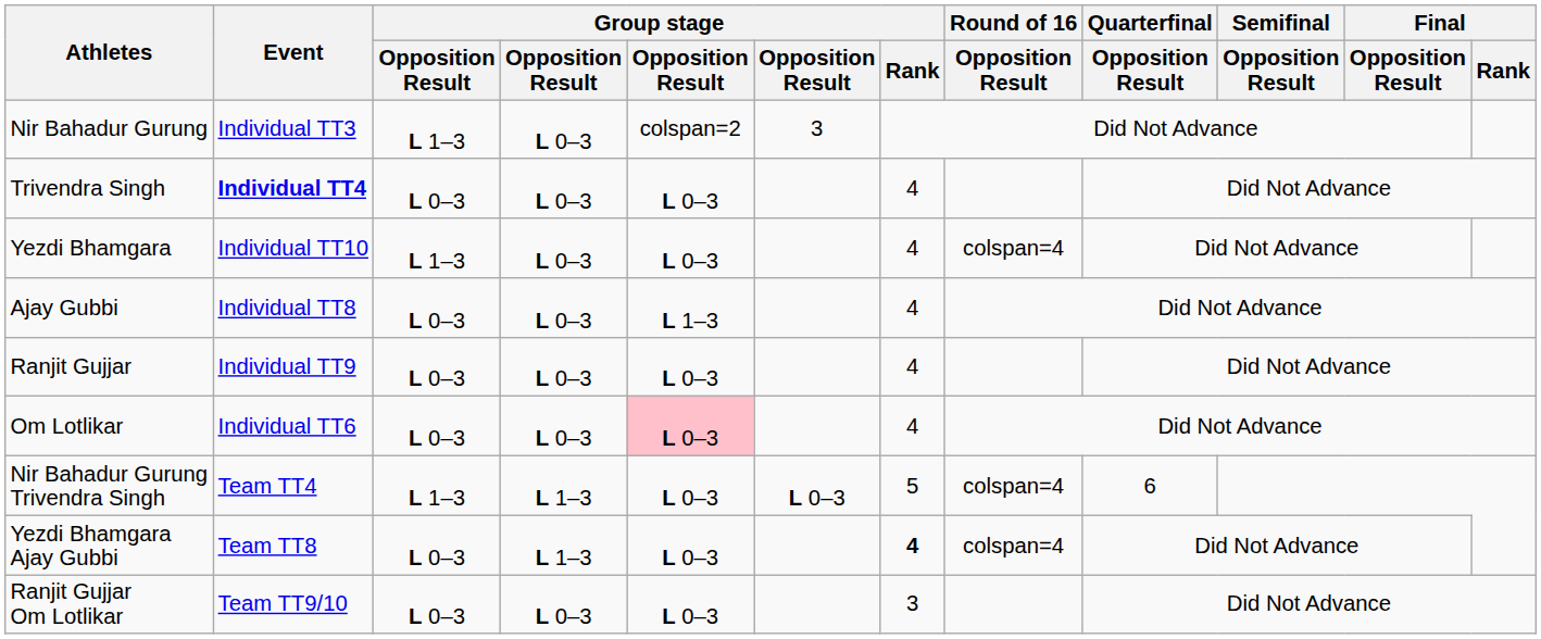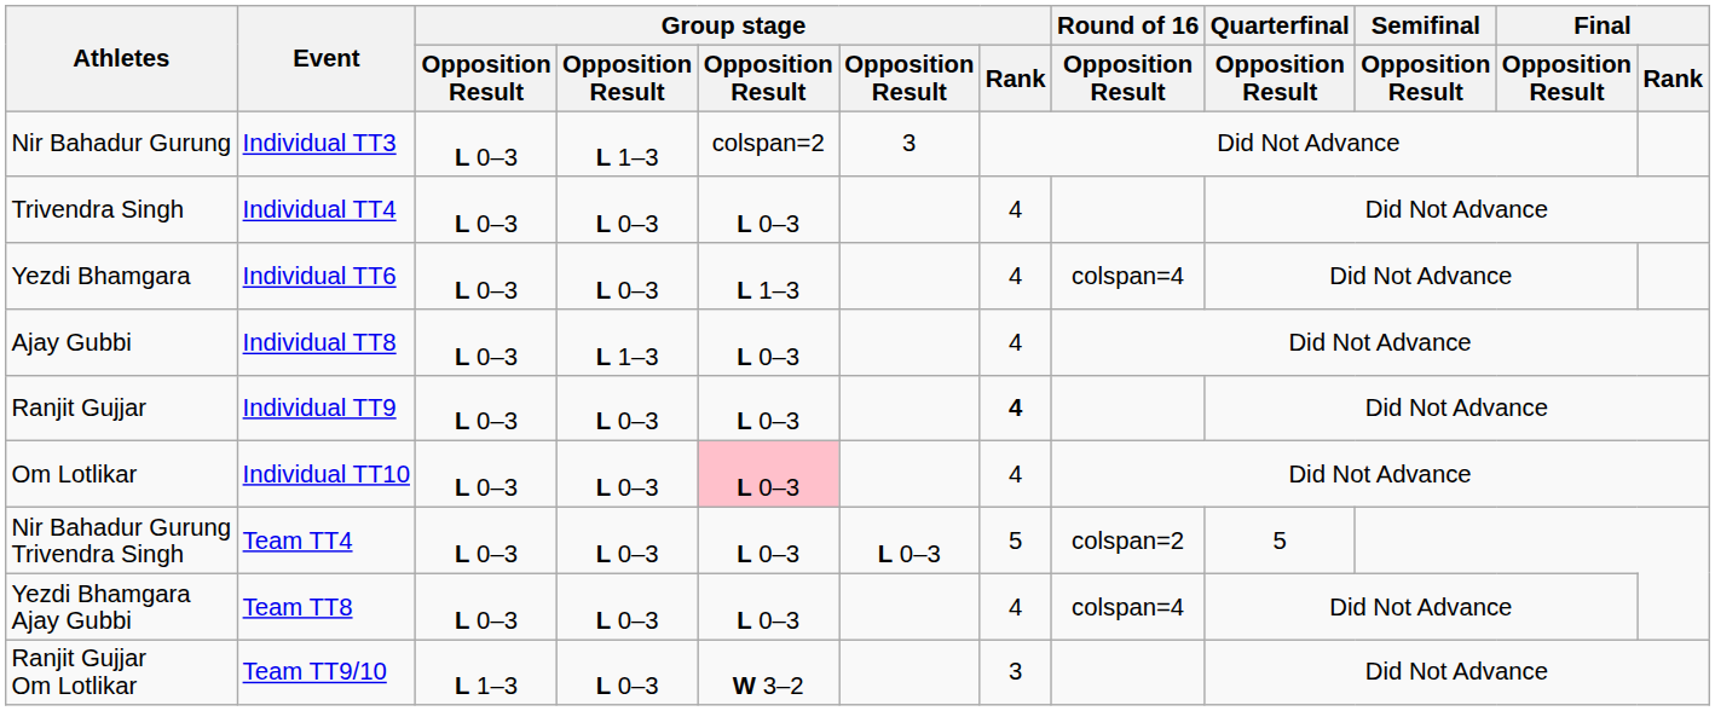 <table class="wikitable" style="text-align:center; font-size:90%">
 <tr>
 <th rowspan=2>Athletes</th>
 <th rowspan=2>Event</th>
 <th colspan=5>Group stage</th>
 <th>Round of 16</th>
 <th>Quarterfinal</th>
 <th>Semifinal</th>
 <th colspan=2>Final</th>
 </tr>
 <tr>
 <th>Opposition<br>Result</th>
 <th>Opposition<br>Result</th>
 <th>Opposition<br>Result</th>
 <th>Opposition<br>Result</th>
 <th>Rank</th>
 <th>Opposition<br>Result</th>
 <th>Opposition<br>Result</th>
 <th>Opposition<br>Result</th>
 <th>Opposition<br>Result</th>
 <th>Rank</th>
 </tr>
 <tr>
 <td align=left>Nir Bahadur Gurung</td>
 <td align=left><a href='#'>Individual TT3</a></td>
+<td><br><strong>L</strong> 0–3</td>
 <td><br><strong>L</strong> 1–3</td>
-<td><br><strong>L</strong> 0–3</td>
 <td>colspan=2 </td>
 <td>3</td>
 <td colspan=5>Did Not Advance</td>
 </tr>
 <tr>
 <td align=left>Trivendra Singh</td>
-<td align=left><strong><a href='#'>Individual TT4</a></strong></td>
+<td align=left><a href='#'>Individual TT4</a></td>
 <td><br><strong>L</strong> 0–3</td>
 <td><br><strong>L</strong> 0–3</td>
 <td><br><strong>L</strong> 0–3</td>
 <td></td>
 <td>4</td>
 <td></td>
 <td colspan=4>Did Not Advance</td>
 </tr>
 <tr>
 <td align=left>Yezdi Bhamgara</td>
-<td align=left><a href='#'>Individual TT10</a></td>
-<td><br><strong>L</strong> 1–3</td>
+<td align=left><a href='#'>Individual TT6</a></td>
 <td><br><strong>L</strong> 0–3</td>
 <td><br><strong>L</strong> 0–3</td>
+<td><br><strong>L</strong> 1–3</td>
 <td></td>
 <td>4</td>
 <td>colspan=4 </td>
 <td colspan=3>Did Not Advance</td>
 </tr>
 <tr>
 <td align=left>Ajay Gubbi</td>
 <td align=left><a href='#'>Individual TT8</a></td>
 <td><br><strong>L</strong> 0–3</td>
+<td><br><strong>L</strong> 1–3</td>
 <td><br><strong>L</strong> 0–3</td>
-<td><br><strong>L</strong> 1–3</td>
 <td></td>
 <td>4</td>
 <td colspan=5>Did Not Advance</td>
 </tr>
 <tr>
 <td align=left>Ranjit Gujjar</td>
 <td align=left><a href='#'>Individual TT9</a></td>
 <td><br><strong>L</strong> 0–3</td>
 <td><br><strong>L</strong> 0–3</td>
 <td><br><strong>L</strong> 0–3</td>
 <td></td>
-<td>4</td>
+<td><strong>4</strong></td>
 <td></td>
 <td colspan=4>Did Not Advance</td>
 </tr>
 <tr>
 <td align=left>Om Lotlikar</td>
-<td align=left><a href='#'>Individual TT6</a></td>
+<td align=left><a href='#'>Individual TT10</a></td>
 <td><br><strong>L</strong> 0–3</td>
 <td><br><strong>L</strong> 0–3</td>
 <td style="background: pink;"><br><strong>L</strong> 0–3</td>
 <td></td>
 <td>4</td>
 <td colspan=5>Did Not Advance</td>
 </tr>
 <tr>
 <td align=left>Nir Bahadur Gurung<br>Trivendra Singh</td>
 <td align=left><a href='#'>Team TT4</a></td>
-<td><br><strong>L</strong> 1–3</td>
-<td><br><strong>L</strong> 1–3</td>
+<td><br><strong>L</strong> 0–3</td>
+<td><br><strong>L</strong> 0–3</td>
 <td><br><strong>L</strong> 0–3</td>
 <td><br><strong>L</strong> 0–3</td>
 <td>5</td>
-<td>colspan=4 </td>
-<td>6</td>
+<td>colspan=2 </td>
+<td>5</td>
 </tr>
 <tr>
 <td align=left>Yezdi Bhamgara<br>Ajay Gubbi</td>
 <td align=left><a href='#'>Team TT8</a></td>
 <td><br><strong>L</strong> 0–3</td>
-<td><br><strong>L</strong> 1–3</td>
+<td><br><strong>L</strong> 0–3</td>
 <td><br><strong>L</strong> 0–3</td>
 <td></td>
-<td><strong>4</strong></td>
+<td>4</td>
 <td>colspan=4 </td>
 <td colspan=3>Did Not Advance</td>
 </tr>
 <tr>
 <td align=left>Ranjit Gujjar<br>Om Lotlikar</td>
 <td align=left><a href='#'>Team TT9/10</a></td>
+<td><br><strong>L</strong> 1–3</td>
 <td><br><strong>L</strong> 0–3</td>
-<td><br><strong>L</strong> 0–3</td>
-<td><br><strong>L</strong> 0–3</td>
+<td><br><strong>W</strong> 3–2</td>
 <td></td>
 <td>3</td>
 <td></td>
 <td colspan=4>Did Not Advance</td>
 </tr>
 </table>
